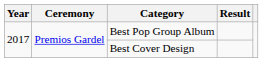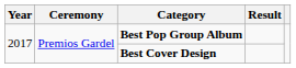 <table class="wikitable sortable plainrowheaders">
 <tr>
 <th scope="col">Year</th>
 <th scope="col">Ceremony</th>
 <th scope="col">Category</th>
 <th scope="col">Result</th>
 <th scope="col" class="unsortable"></th>
 </tr>
 <tr>
 <td rowspan="2" align="center">2017</td>
 <td rowspan="2"><a href='#'>Premios Gardel</a></td>
-<td>Best Pop Group Album</td>
+<td><strong>Best Pop Group Album</strong></td>
 <td></td>
 <td rowspan="2" align="center"></td>
 </tr>
 <tr>
-<td>Best Cover Design</td>
+<td><strong>Best Cover Design</strong></td>
 <td></td>
 </tr>
 </table>
